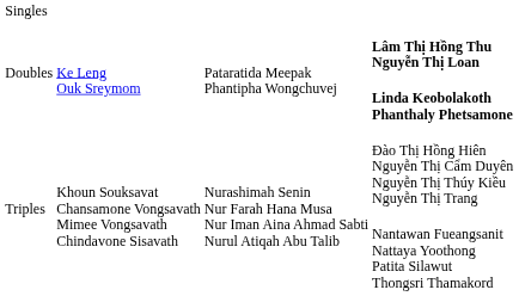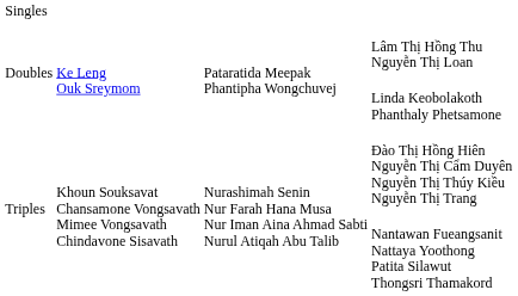 <table>
 <tr>
 <td rowspan=2>Singles</td>
 <td rowspan=2></td>
 <td rowspan=2></td>
 <td></td>
 </tr>
 <tr>
 <td></td>
 </tr>
 <tr>
 <td rowspan=2>Doubles</td>
 <td rowspan=2><br><a href='#'>Ke Leng</a><br><a href='#'>Ouk Sreymom</a></td>
 <td rowspan=2><br>Pataratida Meepak<br>Phantipha Wongchuvej</td>
-<td><strong><br>Lâm Thị Hồng Thu<br>Nguyễn Thị Loan</strong></td>
+<td><br>Lâm Thị Hồng Thu<br>Nguyễn Thị Loan</td>
 </tr>
 <tr>
-<td><strong><br>Linda Keobolakoth<br>Phanthaly Phetsamone</strong></td>
+<td><br>Linda Keobolakoth<br>Phanthaly Phetsamone</td>
 </tr>
 <tr>
 <td rowspan=2>Triples</td>
 <td nowrap=true rowspan=2><br>Khoun Souksavat<br>Chansamone Vongsavath<br>Mimee Vongsavath<br>Chindavone Sisavath</td>
 <td nowrap=true rowspan=2><br>Nurashimah Senin<br>Nur Farah Hana Musa<br>Nur Iman Aina Ahmad Sabti<br>Nurul Atiqah Abu Talib</td>
 <td nowrap=true><br>Đào Thị Hồng Hiên<br>Nguyễn Thị Cẩm Duyên<br>Nguyễn Thị Thúy Kiều<br>Nguyễn Thị Trang</td>
 </tr>
 <tr>
 <td><br>Nantawan Fueangsanit<br>Nattaya Yoothong<br>Patita Silawut<br>Thongsri Thamakord</td>
 </tr>
 </table>
